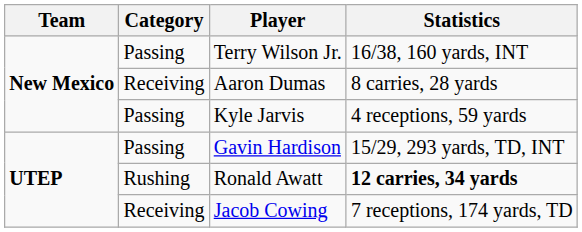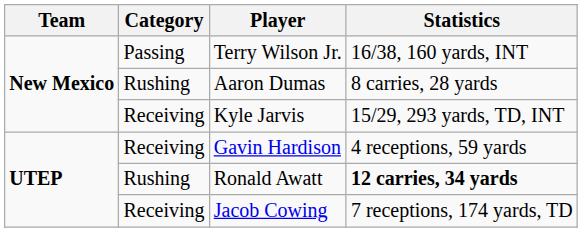 <table class="wikitable" style="float: left;">
 <tr>
 <th>Team</th>
 <th>Category</th>
 <th>Player</th>
 <th>Statistics</th>
 </tr>
 <tr>
 <td rowspan=3><strong>New Mexico</strong></td>
 <td>Passing</td>
 <td>Terry Wilson Jr.</td>
 <td>16/38, 160 yards, INT</td>
 </tr>
 <tr>
-<td>Receiving</td>
+<td>Rushing</td>
 <td>Aaron Dumas</td>
 <td>8 carries, 28 yards</td>
 </tr>
 <tr>
-<td>Passing</td>
+<td>Receiving</td>
 <td>Kyle Jarvis</td>
-<td>4 receptions, 59 yards</td>
+<td>15/29, 293 yards, TD, INT</td>
 </tr>
 <tr>
 <td rowspan=3><strong>UTEP</strong></td>
-<td>Passing</td>
+<td>Receiving</td>
 <td><a href='#'>Gavin Hardison</a></td>
-<td>15/29, 293 yards, TD, INT</td>
+<td>4 receptions, 59 yards</td>
 </tr>
 <tr>
 <td>Rushing</td>
 <td>Ronald Awatt</td>
 <td><strong>12 carries, 34 yards</strong></td>
 </tr>
 <tr>
 <td>Receiving</td>
 <td><a href='#'>Jacob Cowing</a></td>
 <td>7 receptions, 174 yards, TD</td>
 </tr>
 </table>
